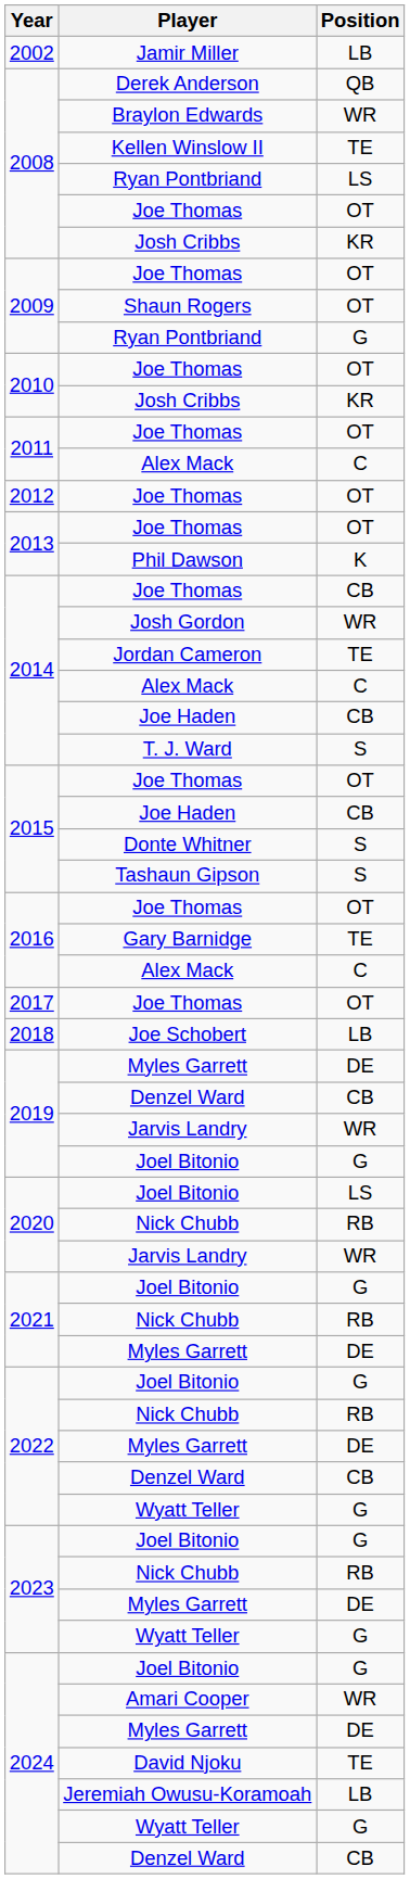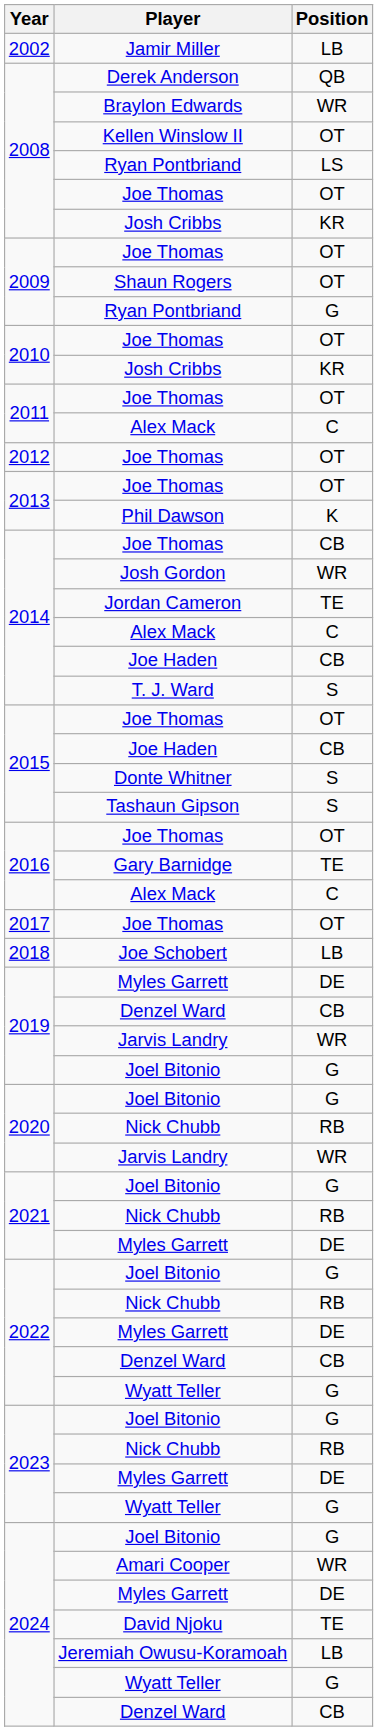 <table class="wikitable" style="text-align:center">
 <tr>
 <th>Year</th>
 <th>Player</th>
 <th>Position</th>
 </tr>
 <tr>
 <td><a href='#'>2002</a></td>
 <td><a href='#'>Jamir Miller</a></td>
 <td>LB</td>
 </tr>
 <tr>
 <td rowspan="6"><a href='#'>2008</a></td>
 <td><a href='#'>Derek Anderson</a></td>
 <td>QB</td>
 </tr>
 <tr>
 <td><a href='#'>Braylon Edwards</a></td>
 <td>WR</td>
 </tr>
 <tr>
 <td><a href='#'>Kellen Winslow II</a></td>
-<td>TE</td>
+<td>OT</td>
 </tr>
 <tr>
 <td><a href='#'>Ryan Pontbriand</a></td>
 <td>LS</td>
 </tr>
 <tr>
 <td><a href='#'>Joe Thomas</a></td>
 <td>OT</td>
 </tr>
 <tr>
 <td><a href='#'>Josh Cribbs</a></td>
 <td>KR</td>
 </tr>
 <tr>
 <td rowspan="3"><a href='#'>2009</a></td>
 <td><a href='#'>Joe Thomas</a></td>
 <td>OT</td>
 </tr>
 <tr>
 <td><a href='#'>Shaun Rogers</a></td>
 <td>OT</td>
 </tr>
 <tr>
 <td><a href='#'>Ryan Pontbriand</a></td>
 <td>G</td>
 </tr>
 <tr>
 <td rowspan="2"><a href='#'>2010</a></td>
 <td><a href='#'>Joe Thomas</a></td>
 <td>OT</td>
 </tr>
 <tr>
 <td><a href='#'>Josh Cribbs</a></td>
 <td>KR</td>
 </tr>
 <tr>
 <td rowspan="2"><a href='#'>2011</a></td>
 <td><a href='#'>Joe Thomas</a></td>
 <td>OT</td>
 </tr>
 <tr>
 <td><a href='#'>Alex Mack</a></td>
 <td>C</td>
 </tr>
 <tr>
 <td rowspan="1"><a href='#'>2012</a></td>
 <td><a href='#'>Joe Thomas</a></td>
 <td>OT</td>
 </tr>
 <tr>
 <td rowspan="2"><a href='#'>2013</a></td>
 <td><a href='#'>Joe Thomas</a></td>
 <td>OT</td>
 </tr>
 <tr>
 <td><a href='#'>Phil Dawson</a></td>
 <td>K</td>
 </tr>
 <tr>
 <td rowspan="6"><a href='#'>2014</a></td>
 <td><a href='#'>Joe Thomas</a></td>
 <td>CB</td>
 </tr>
 <tr>
 <td><a href='#'>Josh Gordon</a></td>
 <td>WR</td>
 </tr>
 <tr>
 <td><a href='#'>Jordan Cameron</a></td>
 <td>TE</td>
 </tr>
 <tr>
 <td><a href='#'>Alex Mack</a></td>
 <td>C</td>
 </tr>
 <tr>
 <td><a href='#'>Joe Haden</a></td>
 <td>CB</td>
 </tr>
 <tr>
 <td><a href='#'>T. J. Ward</a></td>
 <td>S</td>
 </tr>
 <tr>
 <td rowspan="4"><a href='#'>2015</a></td>
 <td><a href='#'>Joe Thomas</a></td>
 <td>OT</td>
 </tr>
 <tr>
 <td><a href='#'>Joe Haden</a></td>
 <td>CB</td>
 </tr>
 <tr>
 <td><a href='#'>Donte Whitner</a></td>
 <td>S</td>
 </tr>
 <tr>
 <td><a href='#'>Tashaun Gipson</a></td>
 <td>S</td>
 </tr>
 <tr>
 <td rowspan="3"><a href='#'>2016</a></td>
 <td><a href='#'>Joe Thomas</a></td>
 <td>OT</td>
 </tr>
 <tr>
 <td><a href='#'>Gary Barnidge</a></td>
 <td>TE</td>
 </tr>
 <tr>
 <td><a href='#'>Alex Mack</a></td>
 <td>C</td>
 </tr>
 <tr>
 <td rowspan="1"><a href='#'>2017</a></td>
 <td><a href='#'>Joe Thomas</a></td>
 <td>OT</td>
 </tr>
 <tr>
 <td rowspan="1"><a href='#'>2018</a></td>
 <td><a href='#'>Joe Schobert</a></td>
 <td>LB</td>
 </tr>
 <tr>
 <td rowspan="4"><a href='#'>2019</a></td>
 <td><a href='#'>Myles Garrett</a></td>
 <td>DE</td>
 </tr>
 <tr>
 <td><a href='#'>Denzel Ward</a></td>
 <td>CB</td>
 </tr>
 <tr>
 <td><a href='#'>Jarvis Landry</a></td>
 <td>WR</td>
 </tr>
 <tr>
 <td><a href='#'>Joel Bitonio</a></td>
 <td>G</td>
 </tr>
 <tr>
 <td rowspan="3"><a href='#'>2020</a></td>
 <td><a href='#'>Joel Bitonio</a></td>
-<td>LS</td>
+<td>G</td>
 </tr>
 <tr>
 <td><a href='#'>Nick Chubb</a></td>
 <td>RB</td>
 </tr>
 <tr>
 <td><a href='#'>Jarvis Landry</a></td>
 <td>WR</td>
 </tr>
 <tr>
 <td rowspan="3"><a href='#'>2021</a></td>
 <td><a href='#'>Joel Bitonio</a></td>
 <td>G</td>
 </tr>
 <tr>
 <td><a href='#'>Nick Chubb</a></td>
 <td>RB</td>
 </tr>
 <tr>
 <td><a href='#'>Myles Garrett</a></td>
 <td>DE</td>
 </tr>
 <tr>
 <td rowspan="5"><a href='#'>2022</a></td>
 <td><a href='#'>Joel Bitonio</a></td>
 <td>G</td>
 </tr>
 <tr>
 <td><a href='#'>Nick Chubb</a></td>
 <td>RB</td>
 </tr>
 <tr>
 <td><a href='#'>Myles Garrett</a></td>
 <td>DE</td>
 </tr>
 <tr>
 <td><a href='#'>Denzel Ward</a></td>
 <td>CB</td>
 </tr>
 <tr>
 <td><a href='#'>Wyatt Teller</a></td>
 <td>G</td>
 </tr>
 <tr>
 <td rowspan="4"><a href='#'>2023</a></td>
 <td><a href='#'>Joel Bitonio</a></td>
 <td>G</td>
 </tr>
 <tr>
 <td><a href='#'>Nick Chubb</a></td>
 <td>RB</td>
 </tr>
 <tr>
 <td><a href='#'>Myles Garrett</a></td>
 <td>DE</td>
 </tr>
 <tr>
 <td><a href='#'>Wyatt Teller</a></td>
 <td>G</td>
 </tr>
 <tr>
 <td rowspan="7"><a href='#'>2024</a></td>
 <td><a href='#'>Joel Bitonio</a></td>
 <td>G</td>
 </tr>
 <tr>
 <td><a href='#'>Amari Cooper</a></td>
 <td>WR</td>
 </tr>
 <tr>
 <td><a href='#'>Myles Garrett</a></td>
 <td>DE</td>
 </tr>
 <tr>
 <td><a href='#'>David Njoku</a></td>
 <td>TE</td>
 </tr>
 <tr>
 <td><a href='#'>Jeremiah Owusu-Koramoah</a></td>
 <td>LB</td>
 </tr>
 <tr>
 <td><a href='#'>Wyatt Teller</a></td>
 <td>G</td>
 </tr>
 <tr>
 <td><a href='#'>Denzel Ward</a></td>
 <td>CB</td>
 </tr>
 </table>
